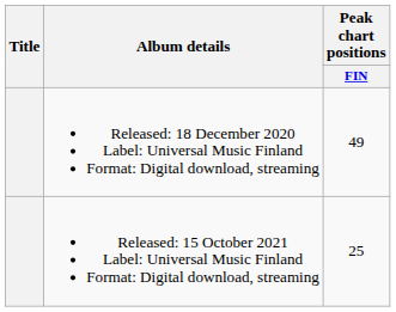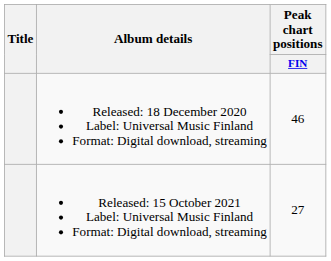 <table class="wikitable plainrowheaders" style="text-align:center;">
 <tr>
 <th scope="col" rowspan="2">Title</th>
 <th scope="col" rowspan="2">Album details</th>
 <th scope="col" colspan="1">Peak chart positions</th>
 </tr>
 <tr>
 <th scope="col" style="width:3em;font-size:85%;"><a href='#'>FIN</a><br></th>
 </tr>
 <tr>
 <th scope="row"><em></em></th>
 <td><br><ul><li>Released: 18 December 2020</li><li>Label: Universal Music Finland</li><li>Format: Digital download, streaming</li></ul></td>
-<td>49</td>
+<td>46</td>
 </tr>
 <tr>
 <th scope="row"><em></em></th>
 <td><br><ul><li>Released: 15 October 2021</li><li>Label: Universal Music Finland</li><li>Format: Digital download, streaming</li></ul></td>
-<td>25</td>
+<td>27</td>
 </tr>
 </table>
